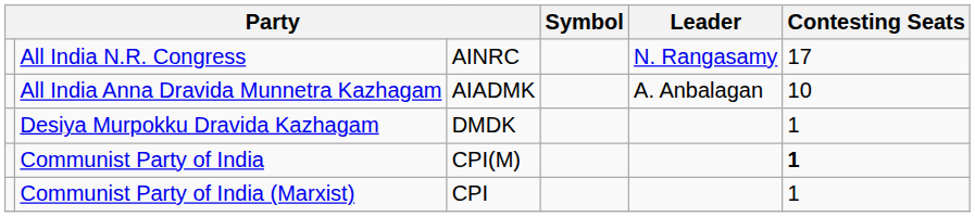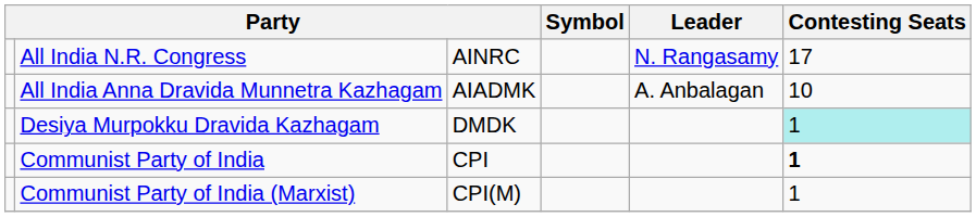 <table class="wikitable">
 <tr>
 <th colspan=3>Party</th>
 <th>Symbol</th>
 <th>Leader</th>
 <th>Contesting Seats</th>
 </tr>
 <tr>
 <td></td>
 <td><a href='#'>All India N.R. Congress</a></td>
 <td>AINRC</td>
 <td></td>
 <td><a href='#'>N. Rangasamy</a></td>
 <td>17</td>
 </tr>
 <tr>
 <td></td>
 <td><a href='#'>All India Anna Dravida Munnetra Kazhagam</a></td>
 <td>AIADMK</td>
 <td></td>
 <td>A. Anbalagan</td>
 <td>10</td>
 </tr>
 <tr>
 <td></td>
 <td><a href='#'>Desiya Murpokku Dravida Kazhagam</a></td>
 <td>DMDK</td>
 <td></td>
 <td></td>
-<td>1</td>
+<td style="background: paleturquoise;">1</td>
 </tr>
 <tr>
 <td></td>
 <td><a href='#'>Communist Party of India</a></td>
-<td>CPI(M)</td>
+<td>CPI</td>
 <td></td>
 <td></td>
 <td><strong>1</strong></td>
 </tr>
 <tr>
 <td></td>
 <td><a href='#'>Communist Party of India (Marxist)</a></td>
-<td>CPI</td>
+<td>CPI(M)</td>
 <td></td>
 <td></td>
 <td>1</td>
 </tr>
 <tr>
 </tr>
 </table>
